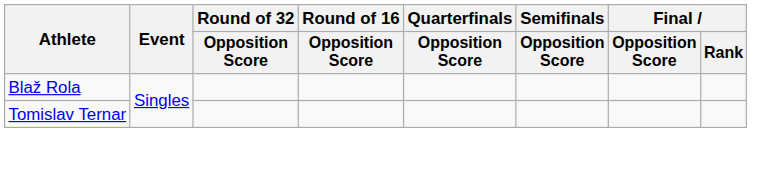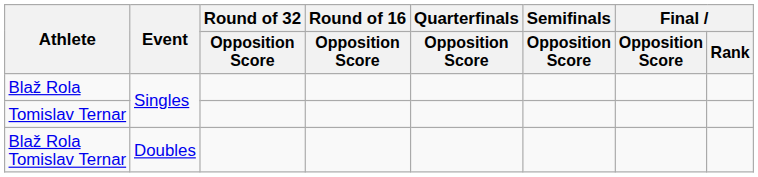 <table class=wikitable style="font-size:90%">
 <tr>
 <th rowspan="2">Athlete</th>
 <th rowspan="2">Event</th>
 <th>Round of 32</th>
 <th>Round of 16</th>
 <th>Quarterfinals</th>
 <th>Semifinals</th>
 <th colspan=2>Final / </th>
 </tr>
 <tr style="font-size:95%">
 <th>Opposition<br>Score</th>
 <th>Opposition<br>Score</th>
 <th>Opposition<br>Score</th>
 <th>Opposition<br>Score</th>
 <th>Opposition<br>Score</th>
 <th>Rank</th>
 </tr>
 <tr align=center>
 <td align=left><a href='#'>Blaž Rola</a></td>
 <td align=left rowspan=2><a href='#'>Singles</a></td>
 <td></td>
 <td></td>
 <td></td>
 <td></td>
 <td></td>
 <td></td>
 </tr>
 <tr align=center>
 <td align=left><a href='#'>Tomislav Ternar</a></td>
 <td></td>
 <td></td>
 <td></td>
 <td></td>
 <td></td>
 <td></td>
 </tr>
+<tr align=center>
+<td align=left><a href='#'>Blaž Rola</a><br><a href='#'>Tomislav Ternar</a></td>
+<td align=left><a href='#'>Doubles</a></td>
+<td></td>
+<td></td>
+<td></td>
+<td></td>
+<td></td>
+<td></td>
+</tr>
 </table>
